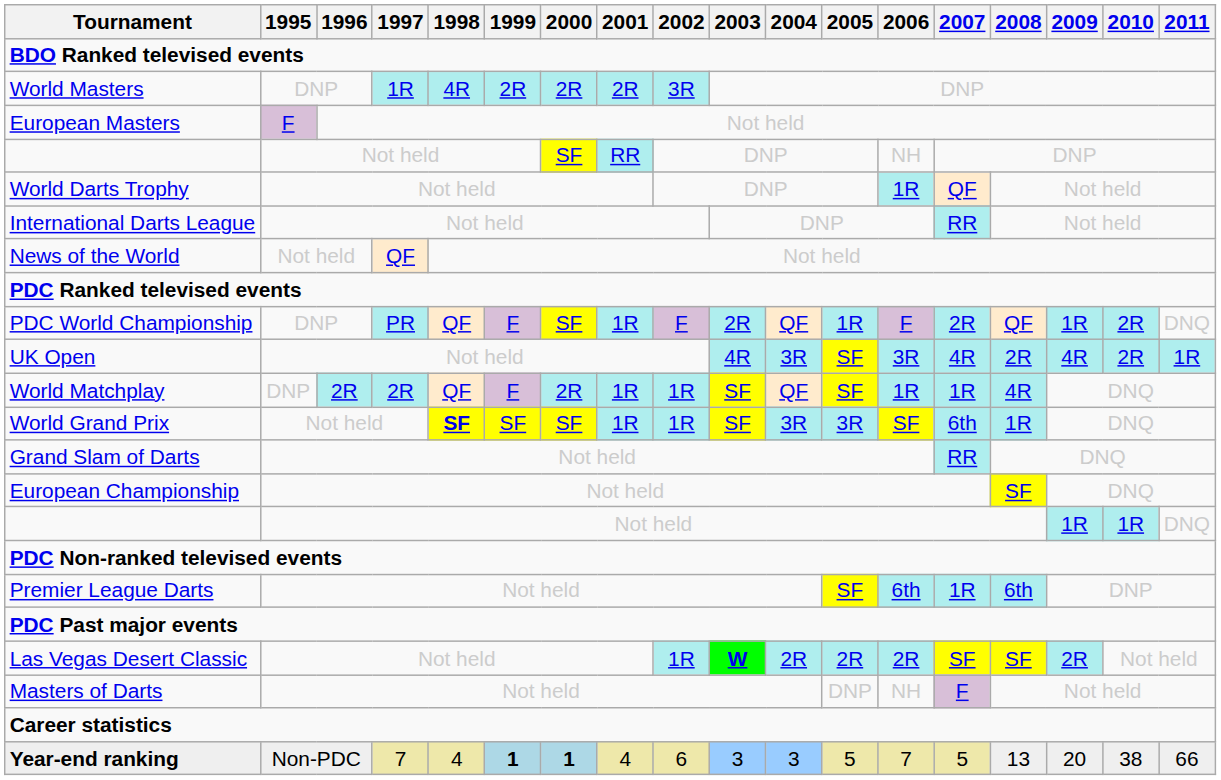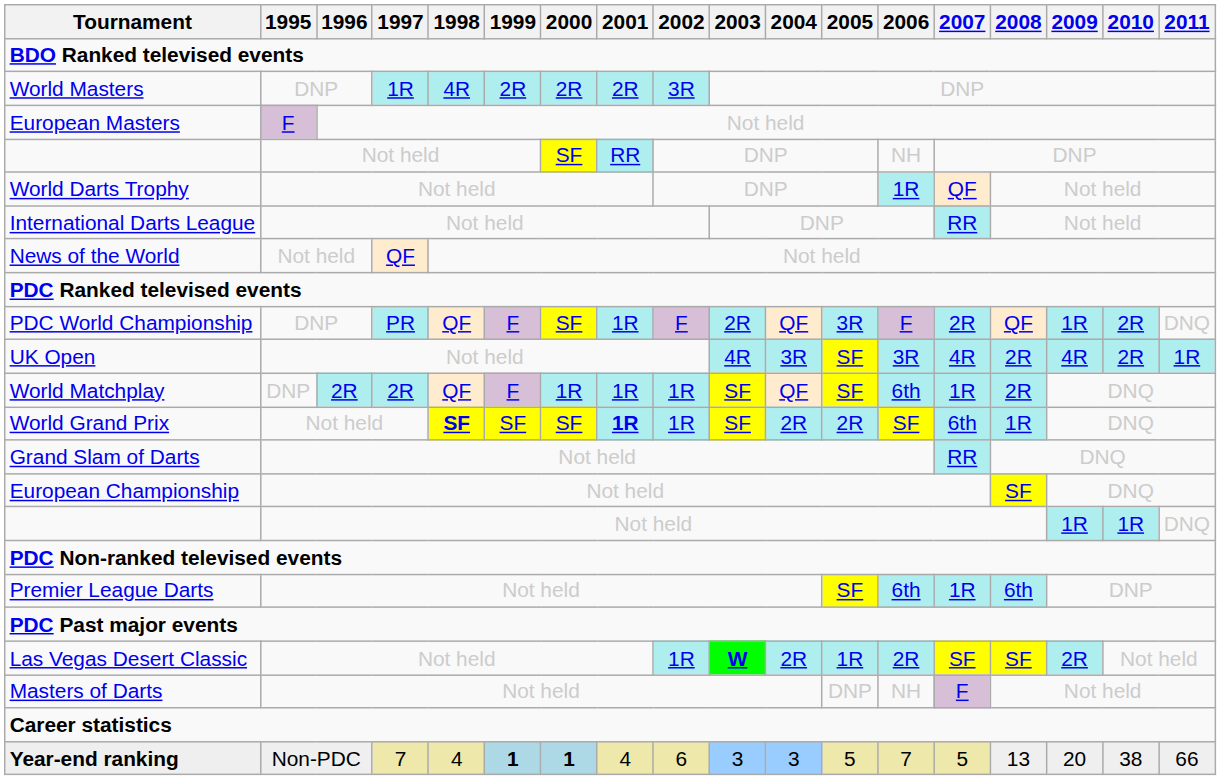 <table class=wikitable style=text-align:center;font-size:88%>
 <tr>
 <th>Tournament</th>
 <th>1995</th>
 <th>1996</th>
 <th>1997</th>
 <th>1998</th>
 <th>1999</th>
 <th>2000</th>
 <th>2001</th>
 <th>2002</th>
 <th>2003</th>
 <th>2004</th>
 <th>2005</th>
 <th>2006</th>
 <th><a href='#'>2007</a></th>
 <th><a href='#'>2008</a></th>
 <th><a href='#'>2009</a></th>
 <th><a href='#'>2010</a></th>
 <th><a href='#'>2011</a></th>
 </tr>
 <tr>
 <td colspan="18" align="left"><strong><a href='#'>BDO</a> Ranked televised events</strong></td>
 </tr>
 <tr>
 <td align=left><a href='#'>World Masters</a></td>
 <td colspan="2" style="text-align:center; color:#ccc;">DNP</td>
 <td style="text-align:center; background:#afeeee;"><a href='#'>1R</a></td>
 <td style="text-align:center; background:#afeeee;"><a href='#'>4R</a></td>
 <td style="text-align:center; background:#afeeee;"><a href='#'>2R</a></td>
 <td style="text-align:center; background:#afeeee;"><a href='#'>2R</a></td>
 <td style="text-align:center; background:#afeeee;"><a href='#'>2R</a></td>
 <td style="text-align:center; background:#afeeee;"><a href='#'>3R</a></td>
 <td colspan="9" style="text-align:center; color:#ccc;">DNP</td>
 </tr>
 <tr>
 <td align=left><a href='#'>European Masters</a></td>
 <td style="text-align:center; background:thistle;"><a href='#'>F</a></td>
 <td colspan="16" style="text-align:center; color:#ccc;">Not held</td>
 </tr>
 <tr>
 <td align=left></td>
 <td colspan="5" style="text-align:center; color:#ccc;">Not held</td>
 <td style="text-align:center; background:yellow;"><a href='#'>SF</a></td>
 <td style="text-align:center; background:#afeeee;"><a href='#'>RR</a></td>
 <td colspan="4" style="text-align:center; color:#ccc;">DNP</td>
 <td style="text-align:center; color:#ccc;">NH</td>
 <td colspan="5" style="text-align:center; color:#ccc;">DNP</td>
 </tr>
 <tr>
 <td align=left><a href='#'>World Darts Trophy</a></td>
 <td colspan="7" style="text-align:center; color:#ccc;">Not held</td>
 <td colspan="4" style="text-align:center; color:#ccc;">DNP</td>
 <td style="text-align:center; background:#afeeee;"><a href='#'>1R</a></td>
 <td style="text-align:center; background:#ffebcd;"><a href='#'>QF</a></td>
 <td colspan="4" style="text-align:center; color:#ccc;">Not held</td>
 </tr>
 <tr>
 <td align=left><a href='#'>International Darts League</a></td>
 <td colspan="8" style="text-align:center; color:#ccc;">Not held</td>
 <td colspan="4" style="text-align:center; color:#ccc;">DNP</td>
 <td style="text-align:center; background:#afeeee;"><a href='#'>RR</a></td>
 <td colspan="4" style="text-align:center; color:#ccc;">Not held</td>
 </tr>
 <tr>
 <td align=left><a href='#'>News of the World</a></td>
 <td colspan="2" style="text-align:center; color:#ccc;">Not held</td>
 <td style="text-align:center; background:#ffebcd;"><a href='#'>QF</a></td>
 <td colspan="14" style="text-align:center; color:#ccc;">Not held</td>
 </tr>
 <tr>
 <td colspan="18" align="left"><strong><a href='#'>PDC</a> Ranked televised events</strong></td>
 </tr>
 <tr>
 <td align=left><a href='#'>PDC World Championship</a></td>
 <td colspan="2" style="text-align:center; color:#ccc;">DNP</td>
 <td style="text-align:center; background:#afeeee;"><a href='#'>PR</a></td>
 <td style="text-align:center; background:#ffebcd;"><a href='#'>QF</a></td>
 <td style="text-align:center; background:thistle;"><a href='#'>F</a></td>
 <td style="text-align:center; background:yellow;"><a href='#'>SF</a></td>
 <td style="text-align:center; background:#afeeee;"><a href='#'>1R</a></td>
 <td style="text-align:center; background:thistle;"><a href='#'>F</a></td>
 <td style="text-align:center; background:#afeeee;"><a href='#'>2R</a></td>
 <td style="text-align:center; background:#ffebcd;"><a href='#'>QF</a></td>
-<td style="text-align:center; background:#afeeee;"><a href='#'>1R</a></td>
+<td style="text-align:center; background:#afeeee;"><a href='#'>3R</a></td>
 <td style="text-align:center; background:thistle;"><a href='#'>F</a></td>
 <td style="text-align:center; background:#afeeee;"><a href='#'>2R</a></td>
 <td style="text-align:center; background:#ffebcd;"><a href='#'>QF</a></td>
 <td style="text-align:center; background:#afeeee;"><a href='#'>1R</a></td>
 <td style="text-align:center; background:#afeeee;"><a href='#'>2R</a></td>
 <td style="text-align:center; color:#ccc;">DNQ</td>
 </tr>
 <tr>
 <td align=left><a href='#'>UK Open</a></td>
 <td colspan="8" style="text-align:center; color:#ccc;">Not held</td>
 <td style="text-align:center; background:#afeeee;"><a href='#'>4R</a></td>
 <td style="text-align:center; background:#afeeee;"><a href='#'>3R</a></td>
 <td style="text-align:center; background:yellow;"><a href='#'>SF</a></td>
 <td style="text-align:center; background:#afeeee;"><a href='#'>3R</a></td>
 <td style="text-align:center; background:#afeeee;"><a href='#'>4R</a></td>
 <td style="text-align:center; background:#afeeee;"><a href='#'>2R</a></td>
 <td style="text-align:center; background:#afeeee;"><a href='#'>4R</a></td>
 <td style="text-align:center; background:#afeeee;"><a href='#'>2R</a></td>
 <td style="text-align:center; background:#afeeee;"><a href='#'>1R</a></td>
 </tr>
 <tr>
 <td align=left><a href='#'>World Matchplay</a></td>
 <td style="text-align:center; color:#ccc;">DNP</td>
 <td style="text-align:center; background:#afeeee;"><a href='#'>2R</a></td>
 <td style="text-align:center; background:#afeeee;"><a href='#'>2R</a></td>
 <td style="text-align:center; background:#ffebcd;"><a href='#'>QF</a></td>
 <td style="text-align:center; background:thistle;"><a href='#'>F</a></td>
-<td style="text-align:center; background:#afeeee;"><a href='#'>2R</a></td>
+<td style="text-align:center; background:#afeeee;"><a href='#'>1R</a></td>
 <td style="text-align:center; background:#afeeee;"><a href='#'>1R</a></td>
 <td style="text-align:center; background:#afeeee;"><a href='#'>1R</a></td>
 <td style="text-align:center; background:yellow;"><a href='#'>SF</a></td>
 <td style="text-align:center; background:#ffebcd;"><a href='#'>QF</a></td>
 <td style="text-align:center; background:yellow;"><a href='#'>SF</a></td>
+<td style="text-align:center; background:#afeeee;"><a href='#'>6th</a></td>
 <td style="text-align:center; background:#afeeee;"><a href='#'>1R</a></td>
-<td style="text-align:center; background:#afeeee;"><a href='#'>1R</a></td>
-<td style="text-align:center; background:#afeeee;"><a href='#'>4R</a></td>
+<td style="text-align:center; background:#afeeee;"><a href='#'>2R</a></td>
 <td colspan="3" style="text-align:center; color:#ccc;">DNQ</td>
 </tr>
 <tr>
 <td align=left><a href='#'>World Grand Prix</a></td>
 <td colspan="3" style="text-align:center; color:#ccc;">Not held</td>
 <td style="text-align:center; background:yellow;"><strong><a href='#'>SF</a></strong></td>
 <td style="text-align:center; background:yellow;"><a href='#'>SF</a></td>
 <td style="text-align:center; background:yellow;"><a href='#'>SF</a></td>
-<td style="text-align:center; background:#afeeee;"><a href='#'>1R</a></td>
+<td style="text-align:center; background:#afeeee;"><strong><a href='#'>1R</a></strong></td>
 <td style="text-align:center; background:#afeeee;"><a href='#'>1R</a></td>
 <td style="text-align:center; background:yellow;"><a href='#'>SF</a></td>
-<td style="text-align:center; background:#afeeee;"><a href='#'>3R</a></td>
-<td style="text-align:center; background:#afeeee;"><a href='#'>3R</a></td>
+<td style="text-align:center; background:#afeeee;"><a href='#'>2R</a></td>
+<td style="text-align:center; background:#afeeee;"><a href='#'>2R</a></td>
 <td style="text-align:center; background:yellow;"><a href='#'>SF</a></td>
 <td style="text-align:center; background:#afeeee;"><a href='#'>6th</a></td>
 <td style="text-align:center; background:#afeeee;"><a href='#'>1R</a></td>
 <td colspan="3" style="text-align:center; color:#ccc;">DNQ</td>
 </tr>
 <tr>
 <td align=left><a href='#'>Grand Slam of Darts</a></td>
 <td colspan="12" style="text-align:center; color:#ccc;">Not held</td>
 <td style="text-align:center; background:#afeeee;"><a href='#'>RR</a></td>
 <td colspan="4" style="text-align:center; color:#ccc;">DNQ</td>
 </tr>
 <tr>
 <td align=left><a href='#'>European Championship</a></td>
 <td colspan="13" style="text-align:center; color:#ccc;">Not held</td>
 <td style="text-align:center; background:yellow;"><a href='#'>SF</a></td>
 <td colspan="3" style="text-align:center; color:#ccc;">DNQ</td>
 </tr>
 <tr>
 <td align=left></td>
 <td colspan="14" style="text-align:center; color:#ccc;">Not held</td>
 <td style="text-align:center; background:#afeeee;"><a href='#'>1R</a></td>
 <td style="text-align:center; background:#afeeee;"><a href='#'>1R</a></td>
 <td style="text-align:center; color:#ccc;">DNQ</td>
 </tr>
 <tr>
 <td colspan="18" align="left"><strong><a href='#'>PDC</a> Non-ranked televised events</strong></td>
 </tr>
 <tr>
 <td align=left><a href='#'>Premier League Darts</a></td>
 <td colspan="10" style="text-align:center; color:#ccc;">Not held</td>
 <td style="text-align:center; background:yellow;"><a href='#'>SF</a></td>
 <td style="text-align:center; background:#afeeee;"><a href='#'>6th</a></td>
 <td style="text-align:center; background:#afeeee;"><a href='#'>1R</a></td>
 <td style="text-align:center; background:#afeeee;"><a href='#'>6th</a></td>
 <td colspan="3" style="text-align:center; color:#ccc;">DNP</td>
 </tr>
 <tr>
 <td colspan="18" align="left"><strong><a href='#'>PDC</a> Past major events</strong></td>
 </tr>
 <tr>
 <td align=left><a href='#'>Las Vegas Desert Classic</a></td>
 <td colspan="7" style="text-align:center; color:#ccc;">Not held</td>
 <td style="text-align:center; background:#afeeee;"><a href='#'>1R</a></td>
 <td style="text-align:center; background:lime;"><strong><a href='#'>W</a></strong></td>
 <td style="text-align:center; background:#afeeee;"><a href='#'>2R</a></td>
-<td style="text-align:center; background:#afeeee;"><a href='#'>2R</a></td>
+<td style="text-align:center; background:#afeeee;"><a href='#'>1R</a></td>
 <td style="text-align:center; background:#afeeee;"><a href='#'>2R</a></td>
 <td style="text-align:center; background:yellow;"><a href='#'>SF</a></td>
 <td style="text-align:center; background:yellow;"><a href='#'>SF</a></td>
 <td style="text-align:center; background:#afeeee;"><a href='#'>2R</a></td>
 <td colspan="2" style="text-align:center; color:#ccc;">Not held</td>
 </tr>
 <tr>
 <td align=left><a href='#'>Masters of Darts</a></td>
 <td colspan="10" style="text-align:center; color:#ccc;">Not held</td>
 <td style="text-align:center; color:#ccc;">DNP</td>
 <td style="text-align:center; color:#ccc;">NH</td>
 <td style="text-align:center; background:thistle;"><a href='#'>F</a></td>
 <td colspan="4" style="text-align:center; color:#ccc;">Not held</td>
 </tr>
 <tr>
 <td colspan="18" align="left"><strong>Career statistics</strong></td>
 </tr>
 <tr bgcolor="efefef">
 <td align="left"><strong>Year-end ranking</strong></td>
 <td colspan="2" style="text-align:center;">Non-PDC</td>
 <td style="text-align:center; background:#eee8aa;">7</td>
 <td style="text-align:center; background:#eee8aa;">4</td>
 <td style="text-align:center; background:#add8e6;"><strong>1</strong></td>
 <td style="text-align:center; background:#add8e6;"><strong>1</strong></td>
 <td style="text-align:center; background:#eee8aa;">4</td>
 <td style="text-align:center; background:#eee8aa;">6</td>
 <td style="text-align:center; background:#99ccff;">3</td>
 <td style="text-align:center; background:#99ccff;">3</td>
 <td style="text-align:center; background:#eee8aa;">5</td>
 <td style="text-align:center; background:#eee8aa;">7</td>
 <td style="text-align:center; background:#eee8aa;">5</td>
 <td style="text-align:center;">13</td>
 <td style="text-align:center;">20</td>
 <td style="text-align:center;">38</td>
 <td style="text-align:center;">66</td>
 </tr>
 </table>
